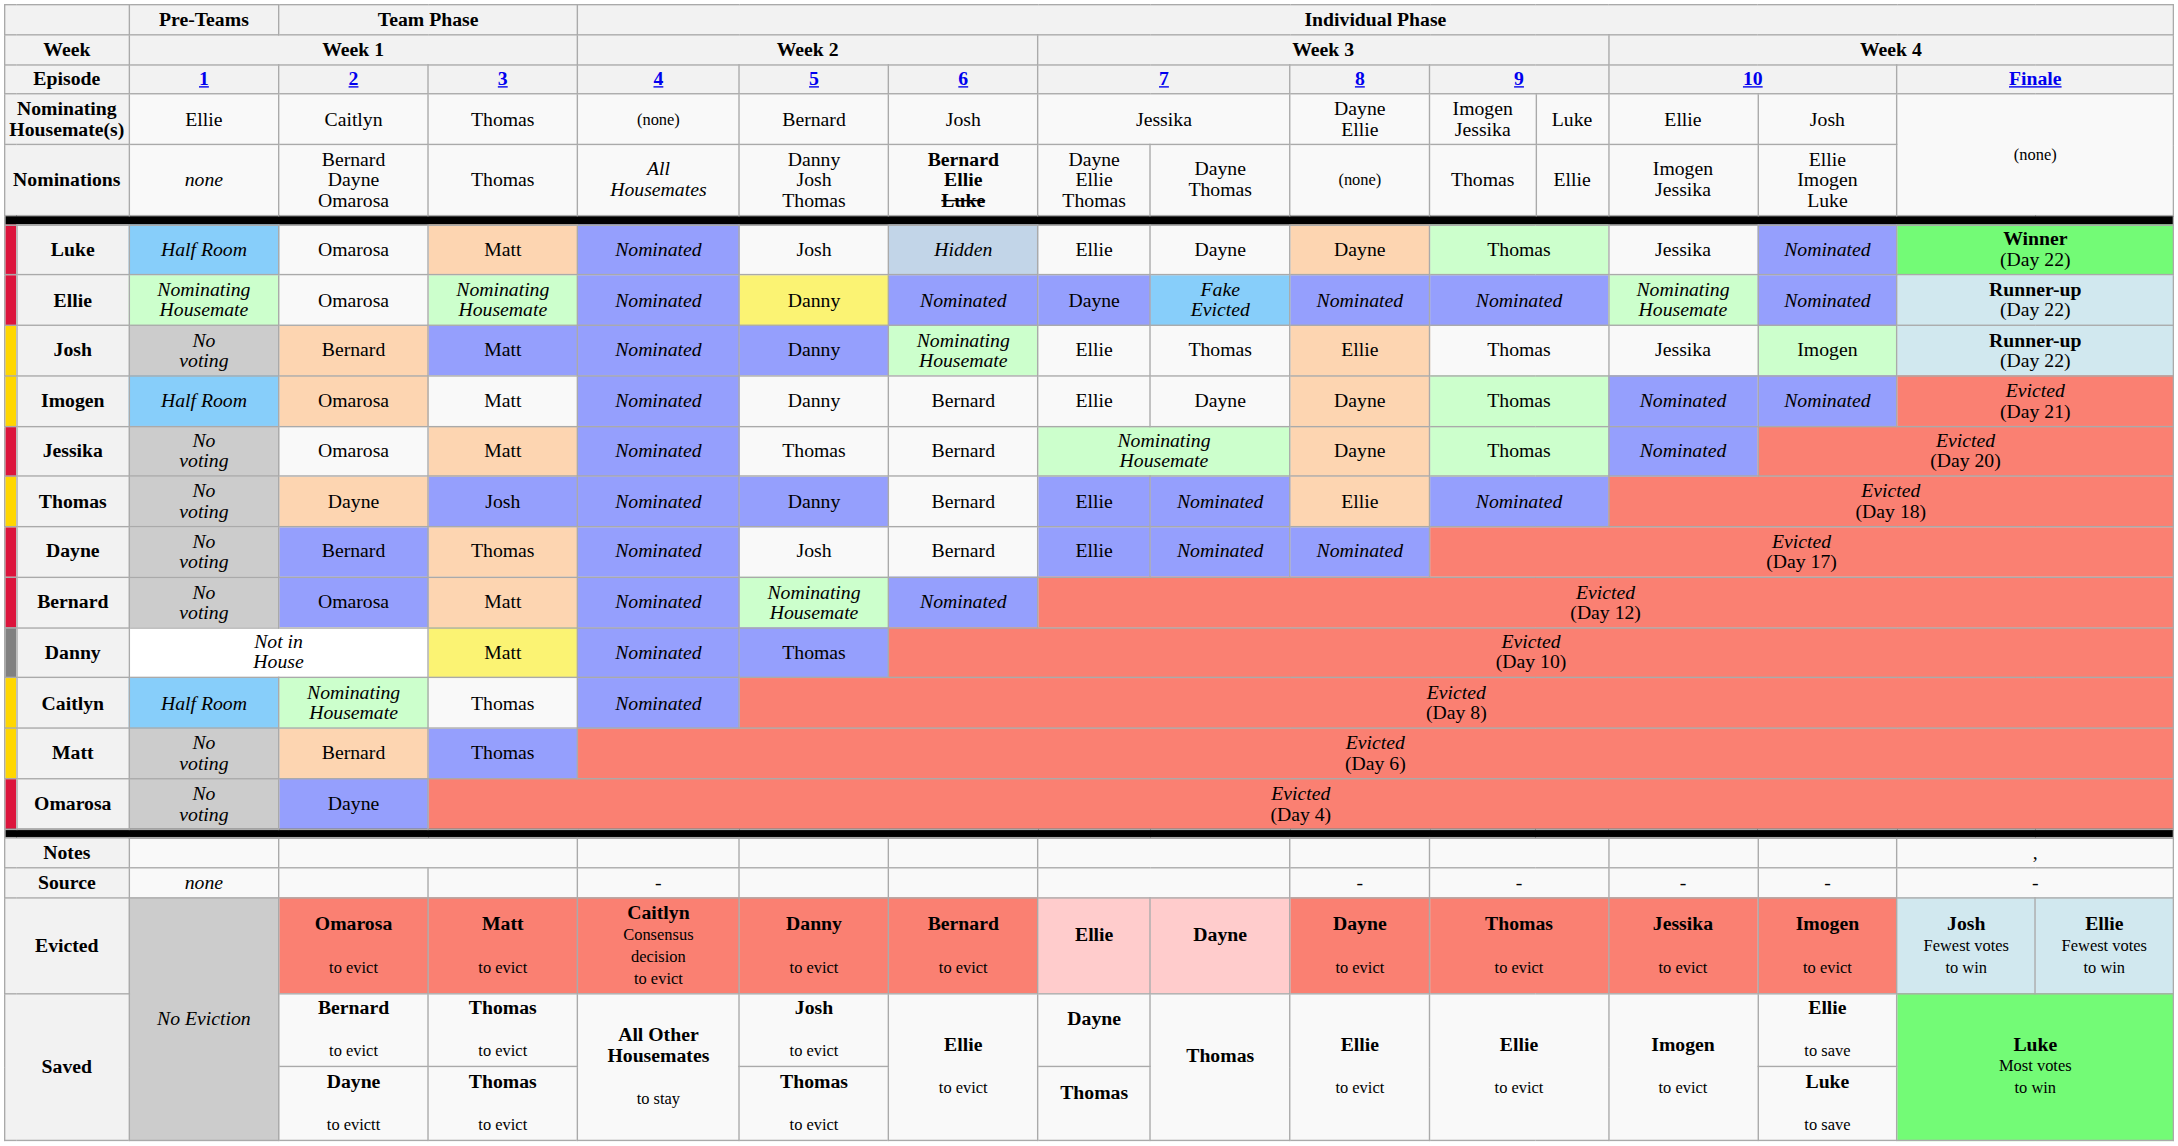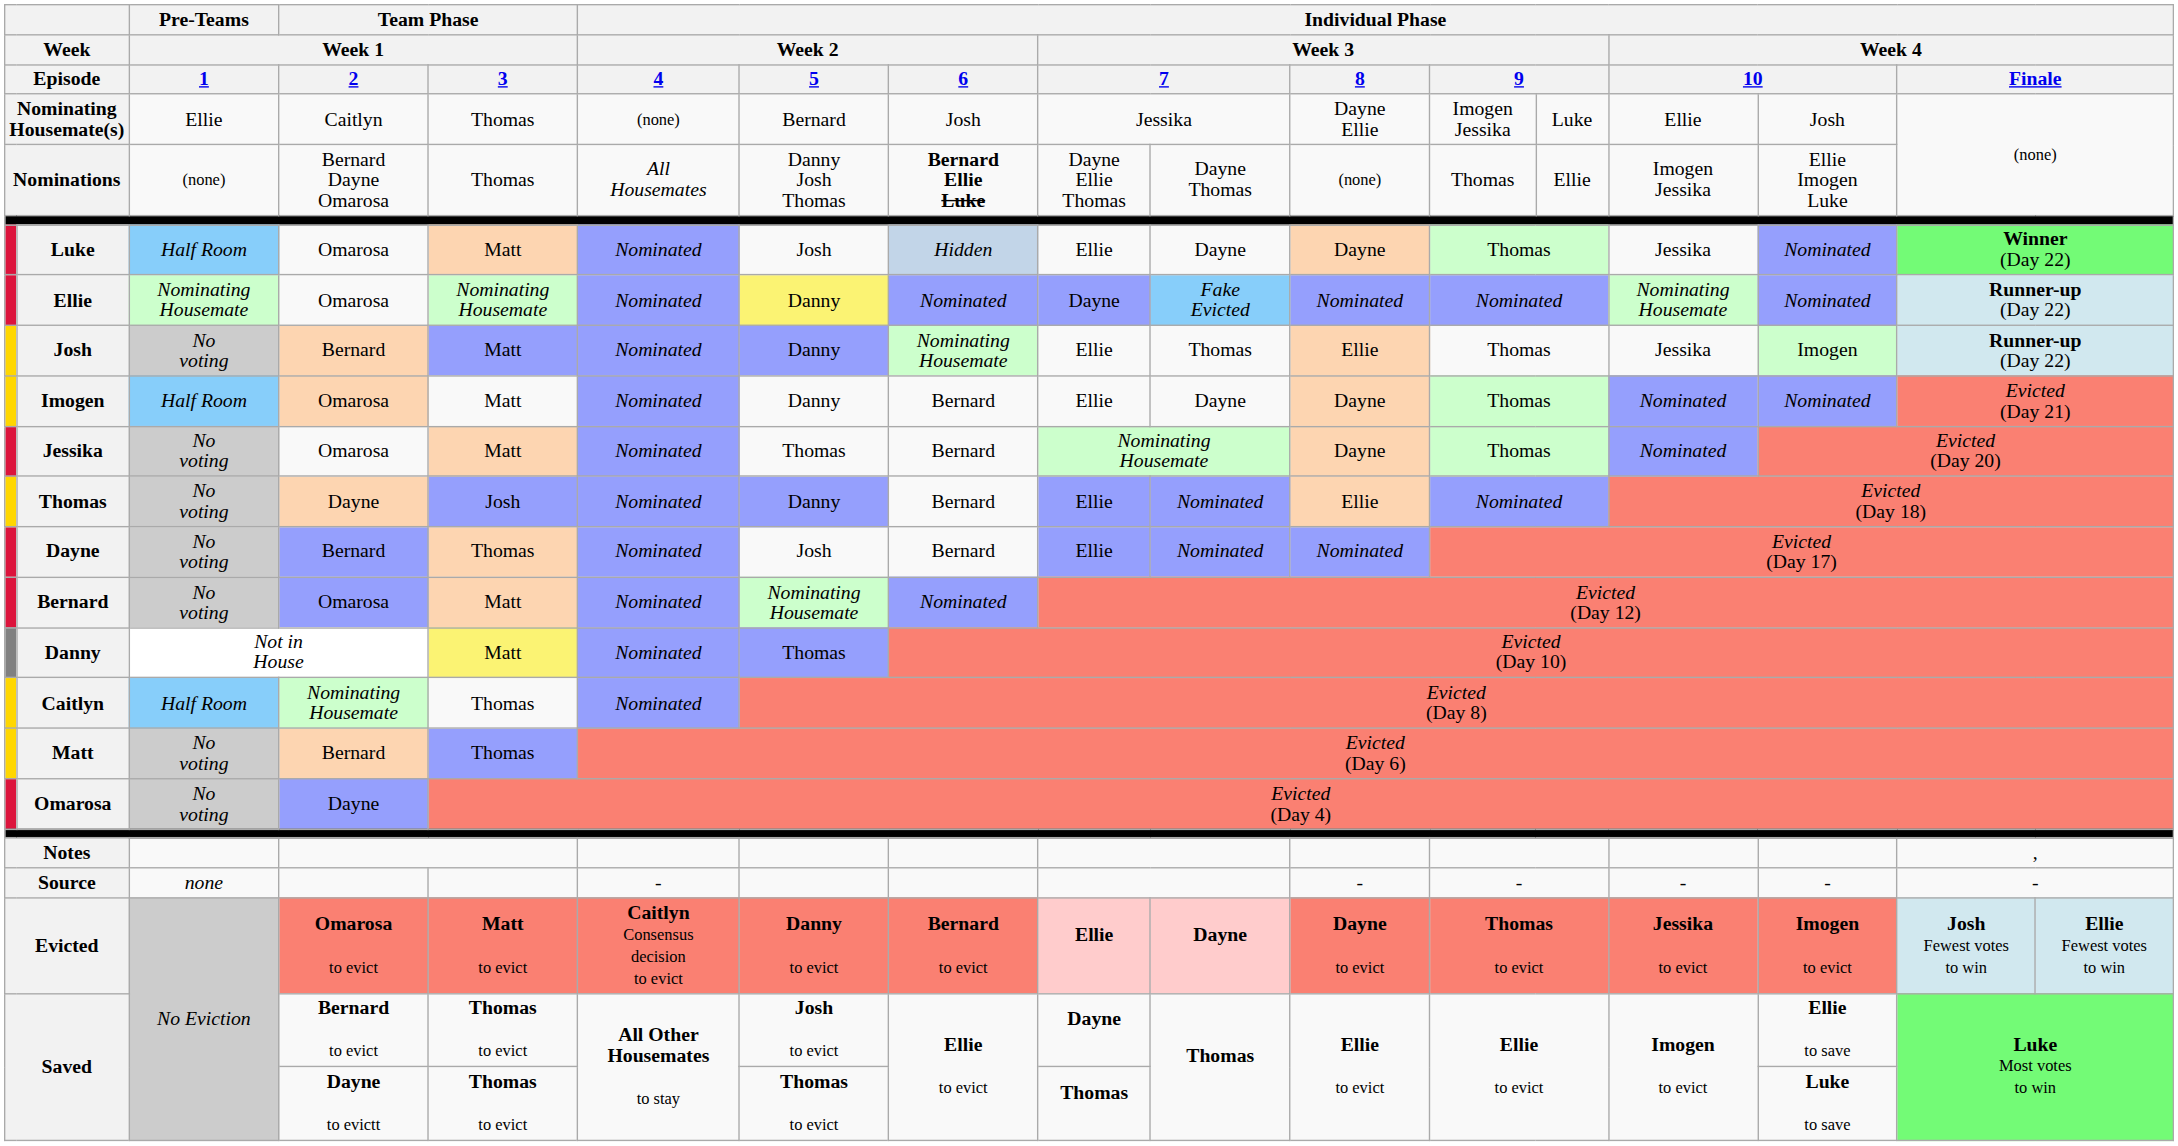 <table class="wikitable" style="text-align:center; font-size:90%; line-height:15px; width:100%">
 <tr>
 <th colspan="2"></th>
 <th>Pre-Teams</th>
 <th colspan=2>Team Phase</th>
 <th colspan="12">Individual Phase</th>
 </tr>
 <tr>
 <th colspan="2">Week</th>
 <th colspan="3">Week 1</th>
 <th colspan="3">Week 2</th>
 <th colspan="5">Week 3</th>
 <th colspan="4">Week 4</th>
 </tr>
 <tr>
 <th colspan="2" style="width:5%">Episode</th>
 <th><a href='#'>1</a></th>
 <th><a href='#'>2</a></th>
 <th><a href='#'>3</a></th>
 <th><a href='#'>4</a></th>
 <th><a href='#'>5</a></th>
 <th><a href='#'>6</a></th>
 <th colspan="2"><a href='#'>7</a></th>
 <th><a href='#'>8</a></th>
 <th colspan="2"><a href='#'>9</a></th>
 <th colspan="2"><a href='#'>10</a></th>
 <th colspan="2"><a href='#'>Finale</a></th>
 </tr>
 <tr>
 <th colspan="2">Nominating<br>Housemate(s)</th>
 <td>Ellie</td>
 <td>Caitlyn</td>
 <td>Thomas</td>
 <td><small>(none)</small></td>
 <td>Bernard</td>
 <td>Josh</td>
 <td colspan="2">Jessika</td>
 <td>Dayne<br>Ellie</td>
 <td>Imogen<br>Jessika</td>
 <td>Luke</td>
 <td>Ellie</td>
 <td>Josh</td>
 <td colspan="2" rowspan="2"><small>(none)</small></td>
 </tr>
 <tr>
 <th colspan="2">Nominations</th>
-<td><em>none</em></td>
+<td><small>(none)</small></td>
 <td>Bernard<br>Dayne<br>Omarosa</td>
 <td>Thomas</td>
 <td><em>All<br>Housemates</em></td>
 <td>Danny<br>Josh<br>Thomas</td>
 <td><strong>Bernard<br>Ellie<br><s>Luke</s></strong></td>
 <td>Dayne<br>Ellie<br>Thomas</td>
 <td>Dayne<br>Thomas</td>
 <td><small>(none)</small></td>
 <td>Thomas</td>
 <td>Ellie</td>
 <td>Imogen<br>Jessika</td>
 <td>Ellie<br>Imogen<br>Luke</td>
 </tr>
 <tr>
 <th colspan="17" style="background:#000"></th>
 </tr>
 <tr>
 <th style="background:crimson;"></th>
 <th>Luke</th>
 <td style="background:#87CEFA"><em>Half Room</em></td>
 <td>Omarosa</td>
 <td style="background:#FDD5B1;">Matt</td>
 <td style="background:#959ffd"><em>Nominated</em></td>
 <td>Josh</td>
 <td style="background:#C2D5E8"><em>Hidden</em></td>
 <td>Ellie</td>
 <td>Dayne</td>
 <td style="background:#FDD5B1;">Dayne</td>
 <td colspan="2" style="background:#cfc;">Thomas</td>
 <td>Jessika</td>
 <td style="background:#959ffd"><em>Nominated</em></td>
 <td colspan="2" style="background:#73FB76"><strong>Winner</strong><br>(Day 22)</td>
 </tr>
 <tr>
 <th style="background:crimson;"></th>
 <th>Ellie</th>
 <td style="background:#cfc;"><em>Nominating<br>Housemate</em></td>
 <td>Omarosa</td>
 <td style="background:#cfc;"><em>Nominating<br>Housemate</em></td>
 <td style="background:#959ffd"><em>Nominated</em></td>
 <td style="background:#FBF373">Danny</td>
 <td style="background:#959ffd"><em>Nominated</em></td>
 <td style="background:#959ffd">Dayne</td>
 <td style="background:#87CEFA"><em>Fake <br>Evicted</em></td>
 <td style="background:#959ffd"><em>Nominated</em></td>
 <td colspan="2" style="background:#959ffd"><em>Nominated</em></td>
 <td style="background:#cfc;"><em>Nominating<br>Housemate</em></td>
 <td style="background:#959ffd"><em>Nominated</em></td>
 <td colspan="2" style="background:#D1E8EF"><strong>Runner-up</strong><br>(Day 22)</td>
 </tr>
 <tr>
 <th style="background:gold;"></th>
 <th>Josh</th>
 <td style="background:#CCCCCC"><em>No<br>voting</em></td>
 <td style="background:#FDD5B1;">Bernard</td>
 <td style="background:#959ffd">Matt</td>
 <td style="background:#959ffd"><em>Nominated</em></td>
 <td style="background:#959ffd">Danny</td>
 <td style="background:#cfc;"><em>Nominating<br>Housemate</em></td>
 <td>Ellie</td>
 <td>Thomas</td>
 <td style="background:#FDD5B1;">Ellie</td>
 <td colspan="2">Thomas</td>
 <td>Jessika</td>
 <td style="background:#cfc;">Imogen</td>
 <td colspan="2" style="background:#D1E8EF"><strong>Runner-up</strong><br>(Day 22)</td>
 </tr>
 <tr>
 <th style="background:gold;"></th>
 <th>Imogen</th>
 <td style="background:#87CEFA"><em>Half Room</em></td>
 <td style="background:#FDD5B1;">Omarosa</td>
 <td>Matt</td>
 <td style="background:#959ffd"><em>Nominated</em></td>
 <td>Danny</td>
 <td>Bernard</td>
 <td>Ellie</td>
 <td>Dayne</td>
 <td style="background:#FDD5B1;">Dayne</td>
 <td colspan="2" style="background:#cfc;">Thomas</td>
 <td style="background:#959ffd"><em>Nominated</em></td>
 <td style="background:#959ffd"><em>Nominated</em></td>
 <td colspan="2" style="background:salmon"><em>Evicted</em><br>(Day 21)</td>
 </tr>
 <tr>
 <th style="background:crimson;"></th>
 <th>Jessika</th>
 <td style="background:#CCCCCC"><em>No<br>voting</em></td>
 <td>Omarosa</td>
 <td style="background:#FDD5B1;">Matt</td>
 <td style="background:#959ffd"><em>Nominated</em></td>
 <td>Thomas</td>
 <td>Bernard</td>
 <td colspan=2 style="background:#cfc;"><em>Nominating<br>Housemate</em></td>
 <td style="background:#FDD5B1;">Dayne</td>
 <td colspan="2" style="background:#cfc;">Thomas</td>
 <td style="background:#959ffd"><em>Nominated</em></td>
 <td colspan="3" style="background:salmon"><em>Evicted</em><br>(Day 20)</td>
 </tr>
 <tr>
 <th style="background:gold;"></th>
 <th>Thomas</th>
 <td style="background:#CCCCCC"><em>No<br>voting</em></td>
 <td style="background:#FDD5B1;">Dayne</td>
 <td style="background:#959ffd">Josh</td>
 <td style="background:#959ffd"><em>Nominated</em></td>
 <td style="background:#959ffd">Danny</td>
 <td>Bernard</td>
 <td style="background:#959ffd">Ellie</td>
 <td style="background:#959ffd"><em>Nominated</em></td>
 <td style="background:#FDD5B1;">Ellie</td>
 <td colspan="2" style="background:#959ffd"><em>Nominated</em></td>
 <td colspan="4" style="background:salmon"><em>Evicted</em><br>(Day 18)</td>
 </tr>
 <tr>
 <th style="background:crimson;"></th>
 <th>Dayne</th>
 <td style="background:#CCCCCC"><em>No<br>voting</em></td>
 <td style="background:#959ffd">Bernard</td>
 <td style="background:#FDD5B1;">Thomas</td>
 <td style="background:#959ffd"><em>Nominated</em></td>
 <td>Josh</td>
 <td>Bernard</td>
 <td style="background:#959ffd">Ellie</td>
 <td style="background:#959ffd"><em>Nominated</em></td>
 <td style="background:#959ffd"><em>Nominated</em></td>
 <td colspan="6" style="background:salmon"><em>Evicted</em><br>(Day 17)</td>
 </tr>
 <tr>
 <th style="background:crimson;"></th>
 <th>Bernard</th>
 <td style="background:#CCCCCC"><em>No<br>voting</em></td>
 <td style="background:#959ffd">Omarosa</td>
 <td style="background:#FDD5B1;">Matt</td>
 <td style="background:#959ffd"><em>Nominated</em></td>
 <td style="background:#cfc;"><em>Nominating<br>Housemate</em></td>
 <td style="background:#959ffd"><em>Nominated</em></td>
 <td colspan="9" style="background:salmon"><em>Evicted</em><br>(Day 12)</td>
 </tr>
 <tr>
 <th style="background:gray;"></th>
 <th>Danny</th>
 <td colspan="2" style="background:white"><em>Not in<br>House</em></td>
 <td style="background:#FBF373">Matt</td>
 <td style="background:#959ffd"><em>Nominated</em></td>
 <td style="background:#959ffd">Thomas</td>
 <td colspan="10" style="background:salmon"><em>Evicted</em><br>(Day 10)</td>
 </tr>
 <tr>
 <th style="background:gold;"></th>
 <th>Caitlyn</th>
 <td style="background:#87CEFA"><em>Half Room</em></td>
 <td style="background:#cfc;"><em>Nominating<br>Housemate</em></td>
 <td>Thomas</td>
 <td style="background:#959ffd"><em>Nominated</em></td>
 <td colspan="11" style="background:salmon"><em>Evicted</em><br>(Day 8)</td>
 </tr>
 <tr>
 <th style="background:gold;"></th>
 <th>Matt</th>
 <td style="background:#CCCCCC"><em>No<br>voting</em></td>
 <td style="background:#FDD5B1;">Bernard</td>
 <td style="background:#959ffd">Thomas</td>
 <td colspan="12" style="background:salmon"><em>Evicted</em><br>(Day 6)</td>
 </tr>
 <tr>
 <th style="background:crimson;"></th>
 <th>Omarosa</th>
 <td style="background:#CCCCCC"><em>No<br>voting</em></td>
 <td style="background:#959ffd">Dayne</td>
 <td colspan="13" style="background:salmon"><em>Evicted</em><br>(Day 4)</td>
 </tr>
 <tr>
 <th colspan="17" style="background:#000"></th>
 </tr>
 <tr>
 <th colspan="2">Notes</th>
 <td></td>
 <td colspan=2></td>
 <td></td>
 <td></td>
 <td></td>
 <td colspan=2></td>
 <td></td>
 <td colspan="2"></td>
 <td></td>
 <td></td>
 <td colspan="2">, </td>
 </tr>
 <tr>
 <th colspan="2">Source</th>
 <td><em>none</em></td>
 <td></td>
 <td></td>
 <td>-</td>
 <td></td>
 <td></td>
 <td colspan=2></td>
 <td>-</td>
 <td colspan=2>-</td>
 <td>-</td>
 <td>-</td>
 <td colspan="2">-</td>
 </tr>
 <tr>
 <th colspan="2">Evicted</th>
 <td rowspan="4" style="background:#CCCCCC"><em>No Eviction</em></td>
 <td style="background:salmon"><strong>Omarosa</strong><br><small><br>to evict</small></td>
 <td style="background:salmon"><strong>Matt</strong><br><small><br>to evict</small></td>
 <td style="background:salmon"><strong>Caitlyn</strong><br><small>Consensus <br>decision<br>to evict</small></td>
 <td style="background:salmon"><strong>Danny</strong><br><small><br>to evict</small></td>
 <td style="background:salmon"><strong>Bernard</strong><br><small><br>to evict</small></td>
 <td style="background:#FCC;"><strong>Ellie</strong><br><small><br></small></td>
 <td style="background:#FCC;"><strong>Dayne</strong><br><small><br></small></td>
 <td style="background:salmon"><strong>Dayne</strong><br><small><br>to evict</small></td>
 <td colspan="2" style="background:salmon"><strong>Thomas</strong><br><small><br>to evict</small></td>
 <td style="background:salmon"><strong>Jessika</strong><br><small><br>to evict</small></td>
 <td style="background:salmon"><strong>Imogen</strong><br><small><br>to evict</small></td>
 <td style="background:#D1E8EF"><strong>Josh</strong><br><small>Fewest votes<br>to win</small></td>
 <td style="background:#D1E8EF"><strong>Ellie</strong><br><small>Fewest votes</small><br><small>to win</small></td>
 </tr>
 <tr>
 <th colspan="2" rowspan="2">Saved</th>
 <td><strong>Bernard</strong><br><small><br>to evict</small></td>
 <td><strong>Thomas</strong><br><small><br>to evict</small></td>
 <td rowspan="2"><strong>All Other <br>Housemates</strong><br><small><br>to stay</small></td>
 <td><strong>Josh</strong><br><small><br>to evict</small></td>
 <td rowspan="2"><strong>Ellie</strong><br><small><br>to evict</small></td>
 <td><strong>Dayne</strong><br><small><br></small></td>
 <td rowspan="2"><strong>Thomas</strong><br><small><br></small></td>
 <td rowspan="2"><strong>Ellie</strong><br><small><br>to evict</small></td>
 <td colspan="2" rowspan="2"><strong>Ellie</strong><br><small><br>to evict</small></td>
 <td rowspan="2"><strong>Imogen</strong><br><small><br>to evict</small></td>
 <td><strong>Ellie</strong><br><small><br>to save</small></td>
 <td colspan="2" rowspan="2" style="background:#73FB76"><strong>Luke</strong><br><small>Most votes<br>to win</small></td>
 </tr>
 <tr>
 <td><strong>Dayne</strong><br><small><br>to evictt</small></td>
 <td><strong>Thomas</strong><br><small><br>to evict</small></td>
 <td><strong>Thomas</strong><br><small><br>to evict</small></td>
 <td><strong>Thomas</strong><br><small><br></small></td>
 <td><strong>Luke</strong><br><small><br>to save</small></td>
 </tr>
 </table>
